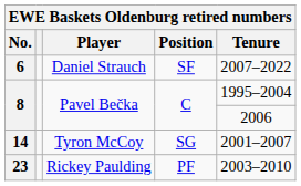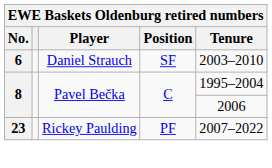 <table class="wikitable sortable" style="text-align:center">
 <tr>
 <th colspan="5">EWE Baskets Oldenburg retired numbers</th>
 </tr>
 <tr>
 <th>No.</th>
 <th></th>
 <th>Player</th>
 <th>Position</th>
 <th>Tenure</th>
 </tr>
 <tr>
 <th scope="row"><strong>6</strong></th>
 <td></td>
 <td><a href='#'>Daniel Strauch</a></td>
 <td><a href='#'>SF</a></td>
-<td>2007–2022</td>
+<td>2003–2010</td>
 </tr>
 <tr>
 <th scope="row" rowspan=2><strong>8</strong></th>
 <td rowspan=2></td>
 <td rowspan=2><a href='#'>Pavel Bečka</a></td>
 <td rowspan=2><a href='#'>C</a></td>
 <td>1995–2004</td>
 </tr>
 <tr>
 <td>2006</td>
 </tr>
 <tr>
-<th scope="row"><strong>14</strong></th>
-<td></td>
-<td><a href='#'>Tyron McCoy</a></td>
-<td><a href='#'>SG</a></td>
-<td>2001–2007</td>
-</tr>
-<tr>
 <th scope="row"><strong>23</strong></th>
 <td></td>
 <td><a href='#'>Rickey Paulding</a></td>
 <td><a href='#'>PF</a></td>
-<td>2003–2010</td>
+<td>2007–2022</td>
 </tr>
 </table>
